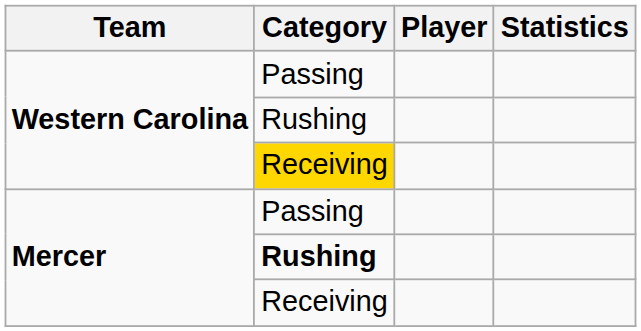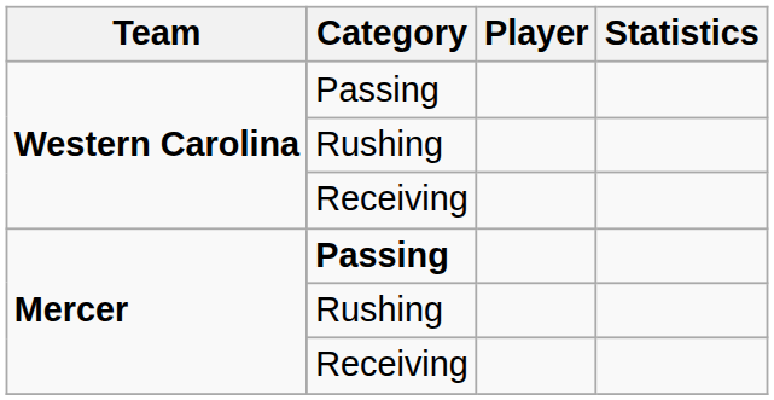 <table class="wikitable" style="float: right;">
 <tr>
 <th>Team</th>
 <th>Category</th>
 <th>Player</th>
 <th>Statistics</th>
 </tr>
 <tr>
 <td rowspan=3><strong>Western Carolina</strong></td>
 <td>Passing</td>
 <td></td>
 <td></td>
 </tr>
 <tr>
 <td>Rushing</td>
 <td></td>
 <td></td>
 </tr>
 <tr>
-<td style="background: gold;">Receiving</td>
+<td>Receiving</td>
 <td></td>
 <td></td>
 </tr>
 <tr>
 <td rowspan=3><strong>Mercer</strong></td>
-<td>Passing</td>
+<td><strong>Passing</strong></td>
 <td></td>
 <td></td>
 </tr>
 <tr>
-<td><strong>Rushing</strong></td>
+<td>Rushing</td>
 <td></td>
 <td></td>
 </tr>
 <tr>
 <td>Receiving</td>
 <td></td>
 <td></td>
 </tr>
 </table>
